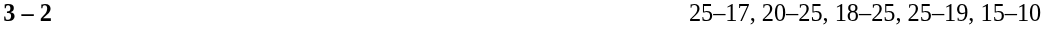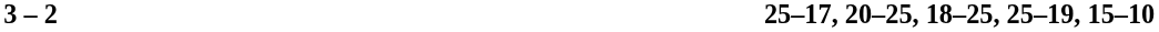 <table width=100% cellspacing=1>
 <tr>
 <th width=20%></th>
 <th width=12%></th>
 <th width=20%></th>
 <th width=33%></th>
 <td></td>
 </tr>
 <tr style=font-size:95%>
 <td align=right><strong></strong></td>
 <td align=center><strong>3 – 2</strong></td>
 <td></td>
-<td>25–17, 20–25, 18–25, 25–19, 15–10</td>
+<td><strong>25–17, 20–25, 18–25, 25–19, 15–10</strong></td>
 </tr>
 </table>
